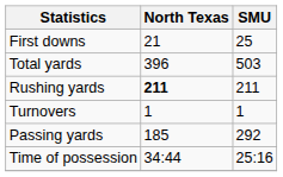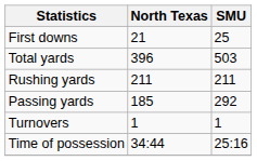 <table class="wikitable" style="float: right;">
 <tr>
 <th>Statistics</th>
 <th>North Texas</th>
 <th>SMU</th>
 </tr>
 <tr>
 <td>First downs</td>
 <td>21</td>
 <td>25</td>
 </tr>
 <tr>
 <td>Total yards</td>
 <td>396</td>
 <td>503</td>
 </tr>
 <tr>
 <td>Rushing yards</td>
-<td><strong>211</strong></td>
 <td>211</td>
+<td>211</td>
+</tr>
+<tr>
+<td>Passing yards</td>
+<td>185</td>
+<td>292</td>
 </tr>
 <tr>
 <td>Turnovers</td>
 <td>1</td>
 <td>1</td>
-</tr>
-<tr>
-<td>Passing yards</td>
-<td>185</td>
-<td>292</td>
 </tr>
 <tr>
 <td>Time of possession</td>
 <td>34:44</td>
 <td>25:16</td>
 </tr>
 <tr>
 </tr>
 </table>
